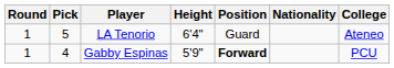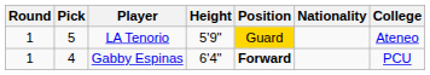 <table class="wikitable sortable sortable">
 <tr>
 <th>Round</th>
 <th>Pick</th>
 <th>Player</th>
 <th>Height</th>
 <th>Position</th>
 <th>Nationality</th>
 <th>College</th>
 </tr>
 <tr style="text-align: center">
 <td>1</td>
 <td>5</td>
 <td><a href='#'>LA Tenorio</a></td>
-<td>6'4"</td>
-<td>Guard</td>
+<td>5'9"</td>
+<td style="background: gold;">Guard</td>
 <td></td>
 <td><a href='#'>Ateneo</a></td>
 </tr>
 <tr style="text-align: center">
 <td>1</td>
 <td>4</td>
 <td><a href='#'>Gabby Espinas</a></td>
-<td>5'9"</td>
+<td>6'4"</td>
 <td><strong>Forward</strong></td>
 <td></td>
 <td><a href='#'>PCU</a></td>
 </tr>
 </table>
